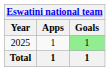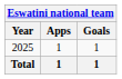 <table class="wikitable" style="text-align:center">
 <tr>
 <th colspan=3><a href='#'>Eswatini national team</a></th>
 </tr>
 <tr>
 <th>Year</th>
 <th>Apps</th>
 <th>Goals</th>
 </tr>
 <tr>
 <td>2025</td>
 <td>1</td>
-<td style="background: lightgreen;">1</td>
+<td>1</td>
 </tr>
 <tr>
 <th>Total</th>
 <th>1</th>
 <th>1</th>
 </tr>
 </table>
